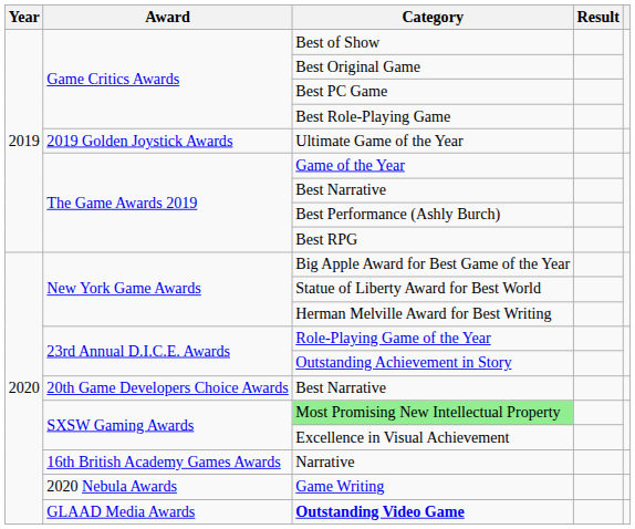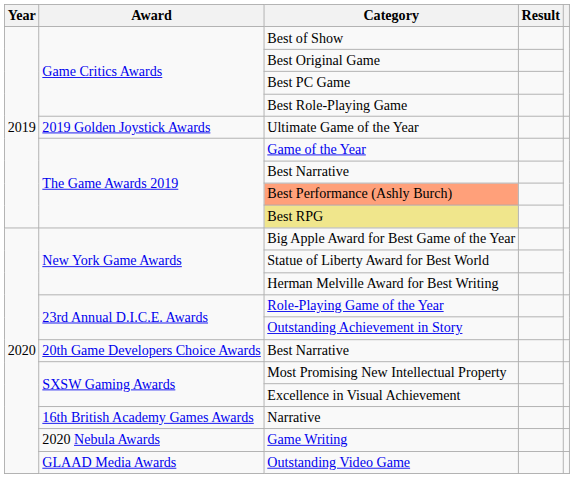 <table class="wikitable sortable">
 <tr>
 <th>Year</th>
 <th>Award</th>
 <th>Category</th>
 <th>Result</th>
 <th></th>
 </tr>
 <tr>
 <td rowspan="9" style="text-align:center;">2019</td>
 <td rowspan="4"><a href='#'>Game Critics Awards</a></td>
 <td>Best of Show</td>
 <td></td>
 <td rowspan="4" style="text-align:center;"></td>
 </tr>
 <tr>
 <td>Best Original Game</td>
 <td></td>
 </tr>
 <tr>
 <td>Best PC Game</td>
 <td></td>
 </tr>
 <tr>
 <td>Best Role-Playing Game</td>
 <td></td>
 </tr>
 <tr>
 <td><a href='#'>2019 Golden Joystick Awards</a></td>
 <td>Ultimate Game of the Year</td>
 <td></td>
 <td style="text-align:center;"></td>
 </tr>
 <tr>
 <td rowspan="4"><a href='#'>The Game Awards 2019</a></td>
 <td><a href='#'>Game of the Year</a></td>
 <td></td>
 <td rowspan="4" style="text-align:center;"></td>
 </tr>
 <tr>
 <td>Best Narrative</td>
 <td></td>
 </tr>
 <tr>
-<td>Best Performance (Ashly Burch)</td>
+<td style="background: lightsalmon;">Best Performance (Ashly Burch)</td>
 <td></td>
 </tr>
 <tr>
-<td>Best RPG</td>
+<td style="background: khaki;">Best RPG</td>
 <td></td>
 </tr>
 <tr>
 <td rowspan="11">2020</td>
 <td rowspan="3"><a href='#'>New York Game Awards</a></td>
 <td>Big Apple Award for Best Game of the Year</td>
 <td></td>
 <td rowspan="3" style="text-align:center;"></td>
 </tr>
 <tr>
 <td>Statue of Liberty Award for Best World</td>
 <td></td>
 </tr>
 <tr>
 <td>Herman Melville Award for Best Writing</td>
 <td></td>
 </tr>
 <tr>
 <td rowspan="2"><a href='#'>23rd Annual D.I.C.E. Awards</a></td>
 <td><a href='#'>Role-Playing Game of the Year</a></td>
 <td></td>
 <td rowspan="2" style="text-align:center;"></td>
 </tr>
 <tr>
 <td><a href='#'>Outstanding Achievement in Story</a></td>
 <td></td>
 </tr>
 <tr>
 <td><a href='#'>20th Game Developers Choice Awards</a></td>
 <td>Best Narrative</td>
 <td></td>
 <td style="text-align:center;"></td>
 </tr>
 <tr>
 <td rowspan="2"><a href='#'>SXSW Gaming Awards</a></td>
-<td style="background: lightgreen;">Most Promising New Intellectual Property</td>
+<td>Most Promising New Intellectual Property</td>
 <td></td>
 <td rowspan="2" style="text-align:center;"></td>
 </tr>
 <tr>
 <td>Excellence in Visual Achievement</td>
 <td></td>
 </tr>
 <tr>
 <td><a href='#'>16th British Academy Games Awards</a></td>
 <td>Narrative</td>
 <td></td>
 <td style="text-align:center;"></td>
 </tr>
 <tr>
 <td>2020 <a href='#'>Nebula Awards</a></td>
 <td><a href='#'>Game Writing</a></td>
 <td></td>
 <td style="text-align:center;"></td>
 </tr>
 <tr>
 <td><a href='#'>GLAAD Media Awards</a></td>
-<td><strong><a href='#'>Outstanding Video Game</a></strong></td>
+<td><a href='#'>Outstanding Video Game</a></td>
 <td></td>
 <td style="text-align:center;"></td>
 </tr>
 </table>
